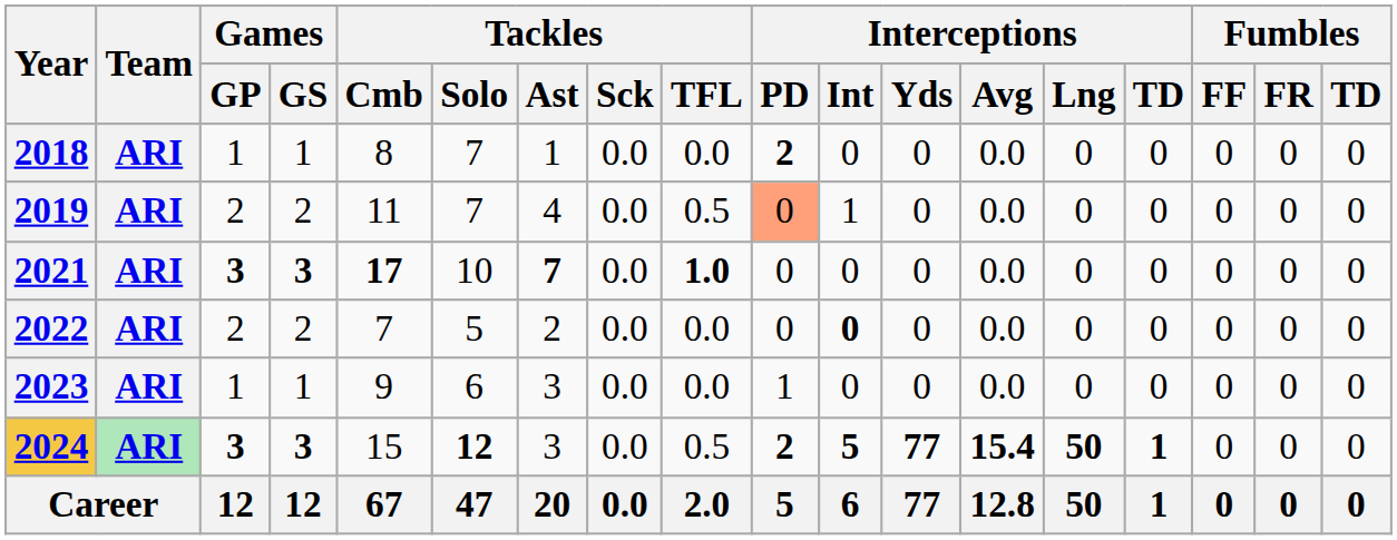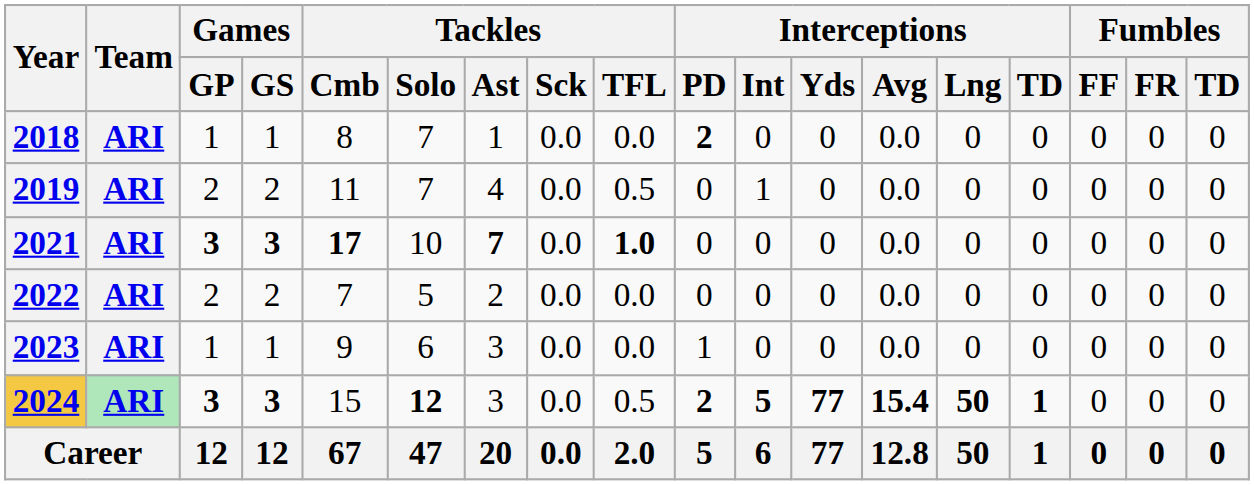 <table class="wikitable" style="text-align:center;">
 <tr>
 <th rowspan="2">Year</th>
 <th rowspan="2">Team</th>
 <th colspan="2">Games</th>
 <th colspan="5">Tackles</th>
 <th colspan="6">Interceptions</th>
 <th colspan="3">Fumbles</th>
 </tr>
 <tr>
 <th>GP</th>
 <th>GS</th>
 <th>Cmb</th>
 <th>Solo</th>
 <th>Ast</th>
 <th>Sck</th>
 <th>TFL</th>
 <th>PD</th>
 <th>Int</th>
 <th>Yds</th>
 <th>Avg</th>
 <th>Lng</th>
 <th>TD</th>
 <th>FF</th>
 <th>FR</th>
 <th>TD</th>
 </tr>
 <tr>
 <th><a href='#'>2018</a></th>
 <th><a href='#'>ARI</a></th>
 <td>1</td>
 <td>1</td>
 <td>8</td>
 <td>7</td>
 <td>1</td>
 <td>0.0</td>
 <td>0.0</td>
 <td><strong>2</strong></td>
 <td>0</td>
 <td>0</td>
 <td>0.0</td>
 <td>0</td>
 <td>0</td>
 <td>0</td>
 <td>0</td>
 <td>0</td>
 </tr>
 <tr>
 <th><a href='#'>2019</a></th>
 <th><a href='#'>ARI</a></th>
 <td>2</td>
 <td>2</td>
 <td>11</td>
 <td>7</td>
 <td>4</td>
 <td>0.0</td>
 <td>0.5</td>
-<td style="background: lightsalmon;">0</td>
+<td>0</td>
 <td>1</td>
 <td>0</td>
 <td>0.0</td>
 <td>0</td>
 <td>0</td>
 <td>0</td>
 <td>0</td>
 <td>0</td>
 </tr>
 <tr>
 <th><a href='#'>2021</a></th>
 <th><a href='#'>ARI</a></th>
 <td><strong>3</strong></td>
 <td><strong>3</strong></td>
 <td><strong>17</strong></td>
 <td>10</td>
 <td><strong>7</strong></td>
 <td>0.0</td>
 <td><strong>1.0</strong></td>
 <td>0</td>
 <td>0</td>
 <td>0</td>
 <td>0.0</td>
 <td>0</td>
 <td>0</td>
 <td>0</td>
 <td>0</td>
 <td>0</td>
 </tr>
 <tr>
 <th><a href='#'>2022</a></th>
 <th><a href='#'>ARI</a></th>
 <td>2</td>
 <td>2</td>
 <td>7</td>
 <td>5</td>
 <td>2</td>
 <td>0.0</td>
 <td>0.0</td>
 <td>0</td>
-<td><strong>0</strong></td>
+<td>0</td>
 <td>0</td>
 <td>0.0</td>
 <td>0</td>
 <td>0</td>
 <td>0</td>
 <td>0</td>
 <td>0</td>
 </tr>
 <tr>
 <th><a href='#'>2023</a></th>
 <th><a href='#'>ARI</a></th>
 <td>1</td>
 <td>1</td>
 <td>9</td>
 <td>6</td>
 <td>3</td>
 <td>0.0</td>
 <td>0.0</td>
 <td>1</td>
 <td>0</td>
 <td>0</td>
 <td>0.0</td>
 <td>0</td>
 <td>0</td>
 <td>0</td>
 <td>0</td>
 <td>0</td>
 </tr>
 <tr>
 <th style="background:#f4c842;"><a href='#'>2024</a></th>
 <th style="background:#afe6ba;"><a href='#'>ARI</a></th>
 <td><strong>3</strong></td>
 <td><strong>3</strong></td>
 <td>15</td>
 <td><strong>12</strong></td>
 <td>3</td>
 <td>0.0</td>
 <td>0.5</td>
 <td><strong>2</strong></td>
 <td><strong>5</strong></td>
 <td><strong>77</strong></td>
 <td><strong>15.4</strong></td>
 <td><strong>50</strong></td>
 <td><strong>1</strong></td>
 <td>0</td>
 <td>0</td>
 <td>0</td>
 </tr>
 <tr>
 <th colspan="2">Career</th>
 <th>12</th>
 <th>12</th>
 <th>67</th>
 <th>47</th>
 <th>20</th>
 <th>0.0</th>
 <th>2.0</th>
 <th>5</th>
 <th>6</th>
 <th>77</th>
 <th>12.8</th>
 <th>50</th>
 <th>1</th>
 <th>0</th>
 <th>0</th>
 <th>0</th>
 </tr>
 </table>
